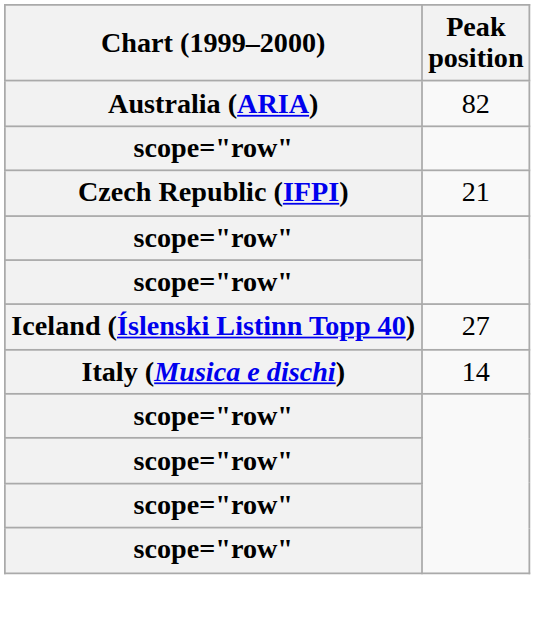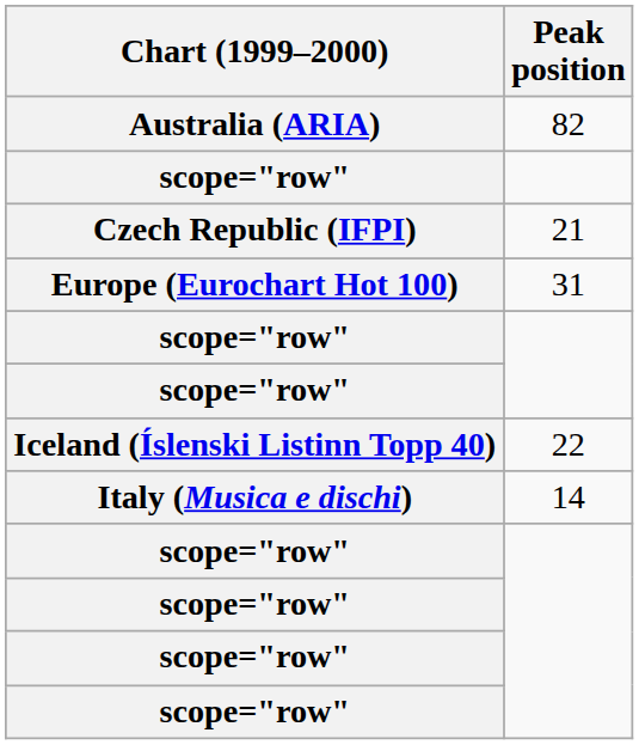 <table class="wikitable sortable plainrowheaders" style="text-align:center">
 <tr>
 <th>Chart (1999–2000)</th>
 <th>Peak<br>position</th>
 </tr>
 <tr>
 <th scope="row">Australia (<a href='#'>ARIA</a>)</th>
 <td>82</td>
 </tr>
 <tr>
 <th>scope="row"</th>
 </tr>
 <tr>
 <th scope="row">Czech Republic (<a href='#'>IFPI</a>)</th>
 <td>21</td>
 </tr>
 <tr>
+<th scope="row">Europe (<a href='#'>Eurochart Hot 100</a>)</th>
+<td>31</td>
+</tr>
+<tr>
 <th>scope="row"</th>
 </tr>
 <tr>
 <th>scope="row"</th>
 </tr>
 <tr>
 <th scope="row">Iceland (<a href='#'>Íslenski Listinn Topp 40</a>)</th>
-<td>27</td>
+<td>22</td>
 </tr>
 <tr>
 <th scope="row">Italy (<em><a href='#'>Musica e dischi</a></em>)</th>
 <td>14</td>
 </tr>
 <tr>
 <th>scope="row"</th>
 </tr>
 <tr>
 <th>scope="row"</th>
 </tr>
 <tr>
 <th>scope="row"</th>
 </tr>
 <tr>
 <th>scope="row"</th>
 </tr>
 </table>
